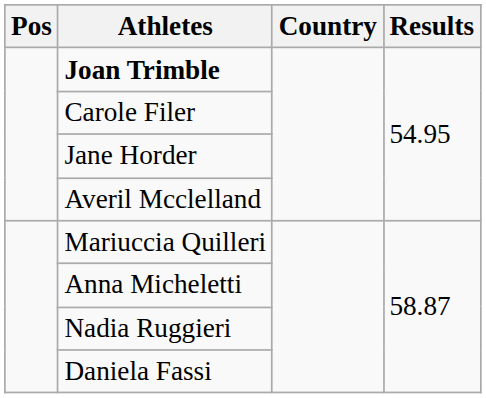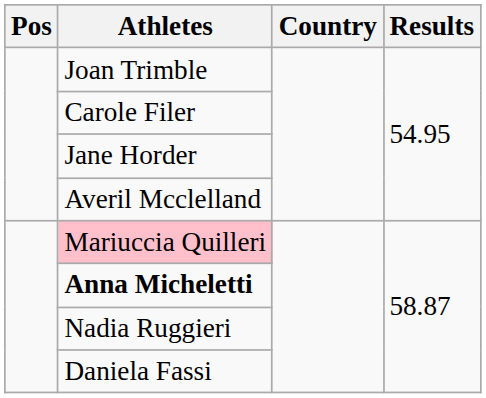 <table class="wikitable">
 <tr>
 <th>Pos</th>
 <th>Athletes</th>
 <th>Country</th>
 <th>Results</th>
 </tr>
 <tr>
 <td rowspan="4"></td>
-<td><strong>Joan Trimble</strong></td>
+<td>Joan Trimble</td>
 <td rowspan="4"></td>
 <td rowspan="4">54.95</td>
 </tr>
 <tr>
 <td>Carole Filer</td>
 </tr>
 <tr>
 <td>Jane Horder</td>
 </tr>
 <tr>
 <td>Averil Mcclelland</td>
 </tr>
 <tr>
 <td rowspan="4"></td>
-<td>Mariuccia Quilleri</td>
+<td style="background: pink;">Mariuccia Quilleri</td>
 <td rowspan="4"></td>
 <td rowspan="4">58.87</td>
 </tr>
 <tr>
-<td>Anna Micheletti</td>
+<td><strong>Anna Micheletti</strong></td>
 </tr>
 <tr>
 <td>Nadia Ruggieri</td>
 </tr>
 <tr>
 <td>Daniela Fassi</td>
 </tr>
 </table>
